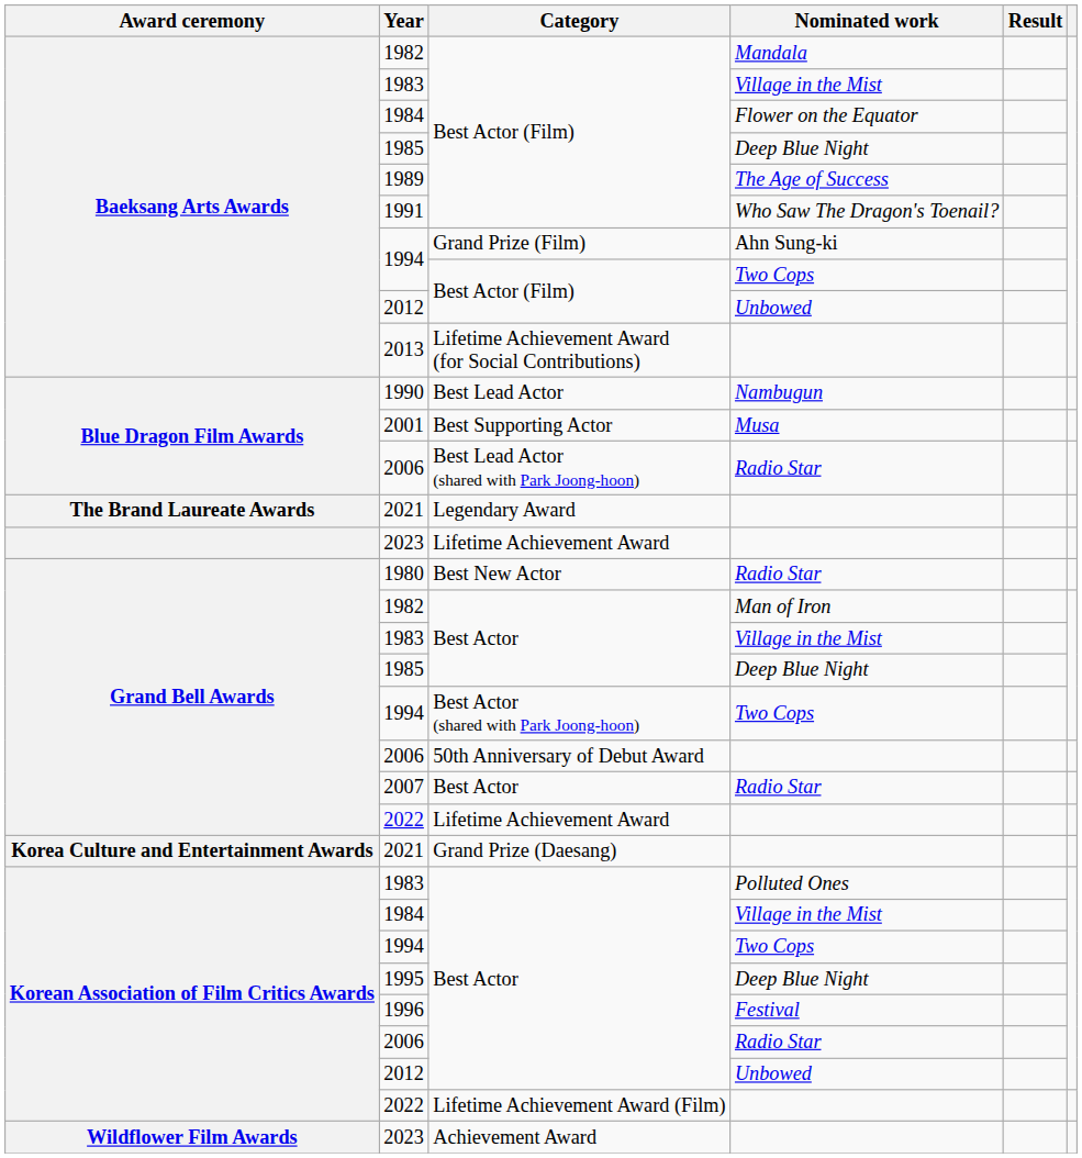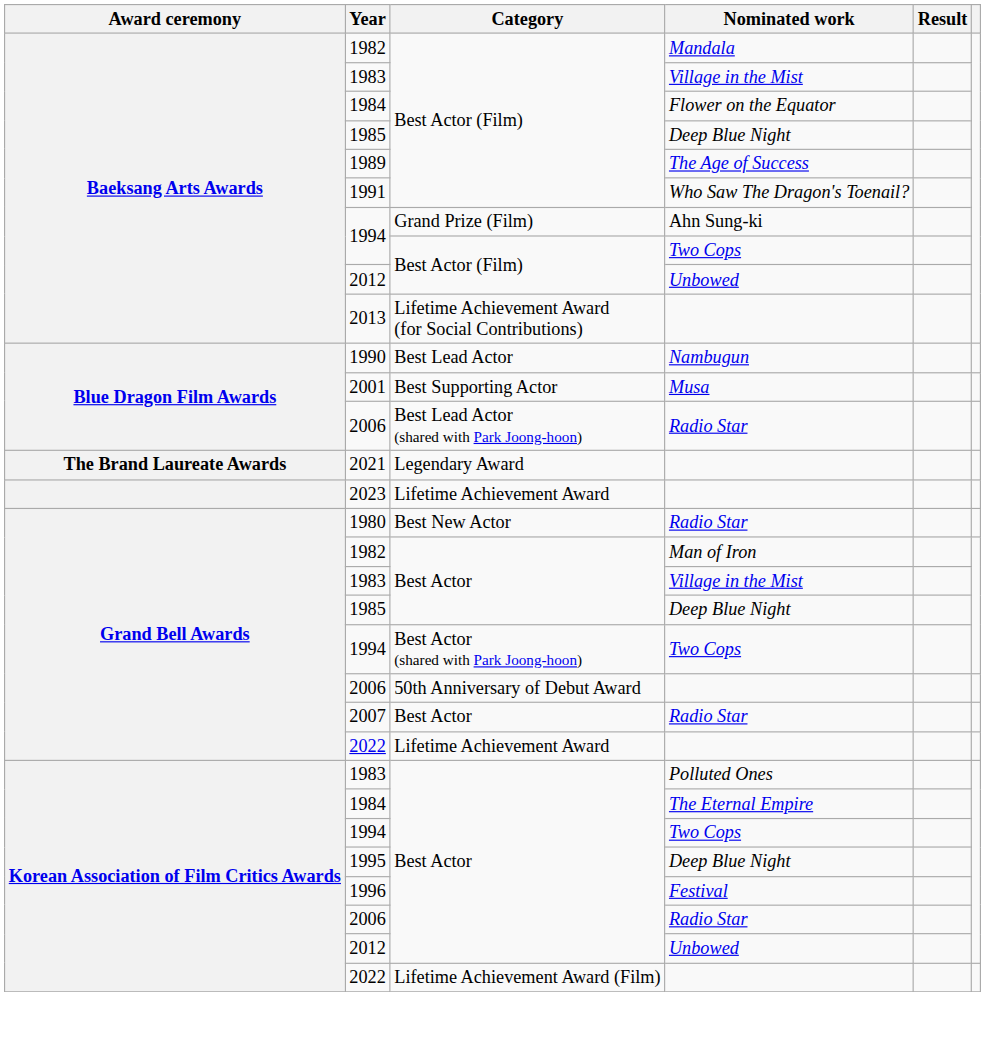 <table class="wikitable sortable plainrowheaders" style="text-align: left;">
 <tr>
 <th scope="col">Award ceremony</th>
 <th scope="col">Year</th>
 <th scope="col">Category</th>
 <th scope="col">Nominated work</th>
 <th scope="col">Result</th>
 <th scope="col" class="unsortable"></th>
 </tr>
 <tr>
 <th scope="row" rowspan="10"><a href='#'>Baeksang Arts Awards</a></th>
 <td>1982</td>
 <td rowspan="6">Best Actor (Film)</td>
 <td><em><a href='#'>Mandala</a></em></td>
 <td></td>
 <td rowspan="10"></td>
 </tr>
 <tr>
 <td>1983</td>
 <td><em><a href='#'>Village in the Mist</a></em></td>
 <td></td>
 </tr>
 <tr>
 <td>1984</td>
 <td><em>Flower on the Equator</em></td>
 <td></td>
 </tr>
 <tr>
 <td>1985</td>
 <td><em>Deep Blue Night</em></td>
 <td></td>
 </tr>
 <tr>
 <td>1989</td>
 <td><em><a href='#'>The Age of Success</a></em></td>
 <td></td>
 </tr>
 <tr>
 <td>1991</td>
 <td><em>Who Saw The Dragon's Toenail?</em></td>
 <td></td>
 </tr>
 <tr>
 <td rowspan="2">1994</td>
 <td>Grand Prize (Film)</td>
 <td>Ahn Sung-ki</td>
 <td></td>
 </tr>
 <tr>
 <td rowspan="2">Best Actor (Film)</td>
 <td><em><a href='#'>Two Cops</a></em></td>
 <td></td>
 </tr>
 <tr>
 <td>2012</td>
 <td><em><a href='#'>Unbowed</a></em></td>
 <td></td>
 </tr>
 <tr>
 <td>2013</td>
 <td>Lifetime Achievement Award<br>(for Social Contributions)</td>
 <td></td>
 <td></td>
 </tr>
 <tr>
 <th scope="row" rowspan="3"><a href='#'>Blue Dragon Film Awards</a></th>
 <td>1990</td>
 <td>Best Lead Actor</td>
 <td><em><a href='#'>Nambugun</a></em></td>
 <td></td>
 <td></td>
 </tr>
 <tr>
 <td>2001</td>
 <td>Best Supporting Actor</td>
 <td><em><a href='#'>Musa</a></em></td>
 <td></td>
 <td></td>
 </tr>
 <tr>
 <td>2006</td>
 <td>Best Lead Actor<br><small>(shared with <a href='#'>Park Joong-hoon</a>)</small></td>
 <td><em><a href='#'>Radio Star</a></em></td>
 <td></td>
 <td></td>
 </tr>
 <tr>
 <th scope="row">The Brand Laureate Awards</th>
 <td>2021</td>
 <td>Legendary Award</td>
 <td></td>
 <td></td>
 <td></td>
 </tr>
 <tr>
 <th scope="row"></th>
 <td>2023</td>
 <td>Lifetime Achievement Award</td>
 <td></td>
 <td></td>
 <td></td>
 </tr>
 <tr>
 <th scope="row" rowspan="8"><a href='#'>Grand Bell Awards</a></th>
 <td>1980</td>
 <td>Best New Actor</td>
 <td><em><a href='#'>Radio Star</a></em></td>
 <td></td>
 <td></td>
 </tr>
 <tr>
 <td>1982</td>
 <td rowspan="3">Best Actor</td>
 <td><em>Man of Iron</em></td>
 <td></td>
 <td rowspan="4"></td>
 </tr>
 <tr>
 <td>1983</td>
 <td><em><a href='#'>Village in the Mist</a></em></td>
 <td></td>
 </tr>
 <tr>
 <td>1985</td>
 <td><em>Deep Blue Night</em></td>
 <td></td>
 </tr>
 <tr>
 <td>1994</td>
 <td>Best Actor<br><small>(shared with <a href='#'>Park Joong-hoon</a>)</small></td>
 <td><em><a href='#'>Two Cops</a></em></td>
 <td></td>
 </tr>
 <tr>
 <td>2006</td>
 <td>50th Anniversary of Debut Award</td>
 <td></td>
 <td></td>
 <td></td>
 </tr>
 <tr>
 <td>2007</td>
 <td>Best Actor</td>
 <td><em><a href='#'>Radio Star</a></em></td>
 <td></td>
 <td></td>
 </tr>
 <tr>
 <td><a href='#'>2022</a></td>
 <td>Lifetime Achievement Award</td>
 <td></td>
 <td></td>
 <td></td>
 </tr>
 <tr>
-<th scope="row">Korea Culture and Entertainment Awards</th>
-<td>2021</td>
-<td>Grand Prize (Daesang)</td>
-<td></td>
-<td></td>
-<td></td>
-</tr>
-<tr>
 <th scope="row" rowspan="8"><a href='#'>Korean Association of Film Critics Awards</a></th>
 <td>1983</td>
 <td rowspan="7">Best Actor</td>
 <td><em>Polluted Ones</em></td>
 <td></td>
 <td rowspan="7"></td>
 </tr>
 <tr>
 <td>1984</td>
-<td><em><a href='#'>Village in the Mist</a></em></td>
+<td><em><a href='#'>The Eternal Empire</a></em></td>
 <td></td>
 </tr>
 <tr>
 <td>1994</td>
 <td><em><a href='#'>Two Cops</a></em></td>
 <td></td>
 </tr>
 <tr>
 <td>1995</td>
 <td><em>Deep Blue Night</em></td>
 <td></td>
 </tr>
 <tr>
 <td>1996</td>
 <td><em><a href='#'>Festival</a></em></td>
 <td></td>
 </tr>
 <tr>
 <td>2006</td>
 <td><em><a href='#'>Radio Star</a></em></td>
 <td></td>
 </tr>
 <tr>
 <td>2012</td>
 <td><em><a href='#'>Unbowed</a></em></td>
 <td></td>
 </tr>
 <tr>
 <td>2022</td>
 <td>Lifetime Achievement Award (Film)</td>
 <td></td>
 <td></td>
 <td></td>
 </tr>
-<tr>
-<th scope="row"><a href='#'>Wildflower Film Awards</a></th>
-<td>2023</td>
-<td>Achievement Award</td>
-<td></td>
-<td></td>
-<td></td>
-</tr>
 </table>
